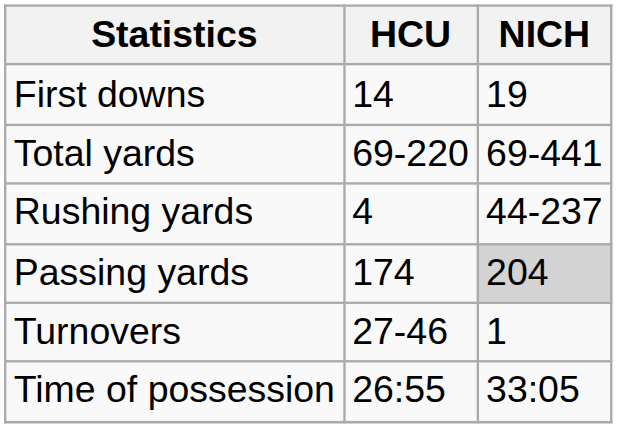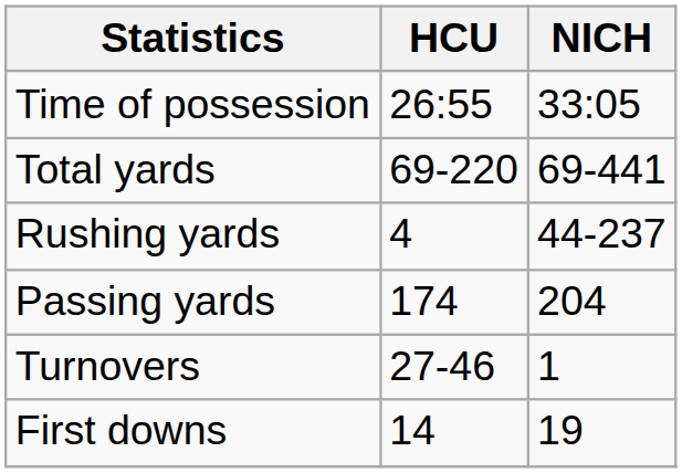 <table class="wikitable" style="float: left;">
 <tr>
 <th>Statistics</th>
 <th>HCU</th>
 <th>NICH</th>
 </tr>
 <tr>
-<td>First downs</td>
-<td>14</td>
-<td>19</td>
+<td>Time of possession</td>
+<td>26:55</td>
+<td>33:05</td>
 </tr>
 <tr>
 <td>Total yards</td>
 <td>69-220</td>
 <td>69-441</td>
 </tr>
 <tr>
 <td>Rushing yards</td>
 <td>4</td>
 <td>44-237</td>
 </tr>
 <tr>
 <td>Passing yards</td>
 <td>174</td>
-<td style="background: lightgrey;">204</td>
+<td>204</td>
 </tr>
 <tr>
 <td>Turnovers</td>
 <td>27-46</td>
 <td>1</td>
 </tr>
 <tr>
-<td>Time of possession</td>
-<td>26:55</td>
-<td>33:05</td>
+<td>First downs</td>
+<td>14</td>
+<td>19</td>
 </tr>
 <tr>
 </tr>
 </table>
